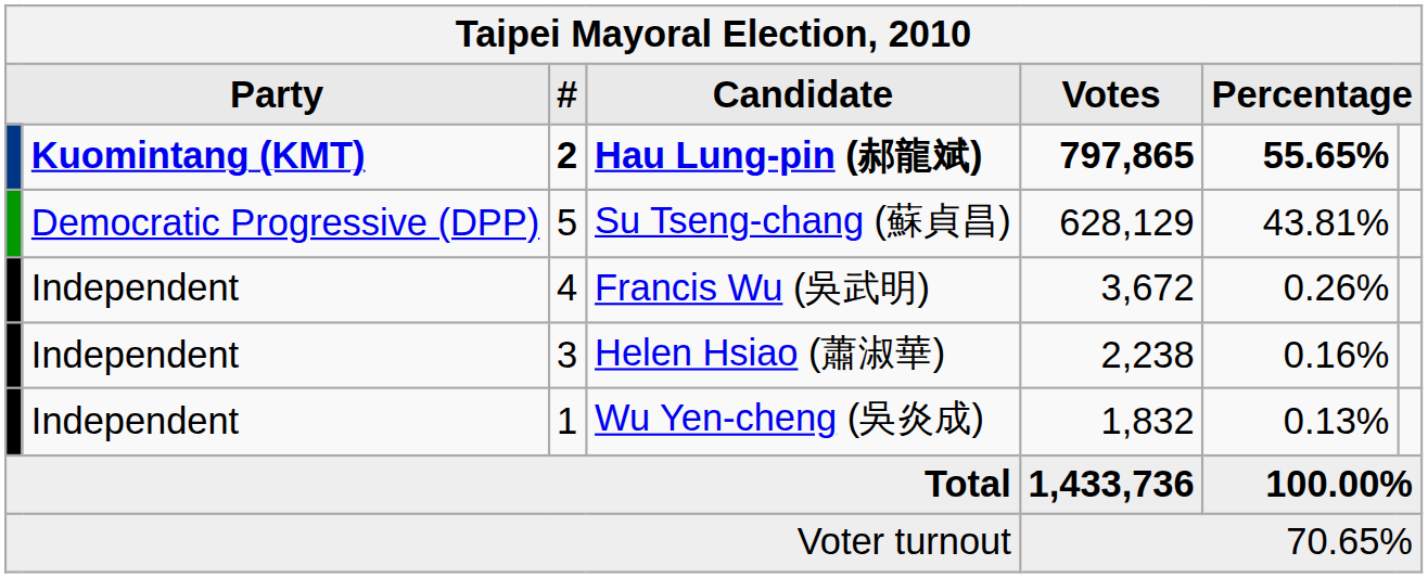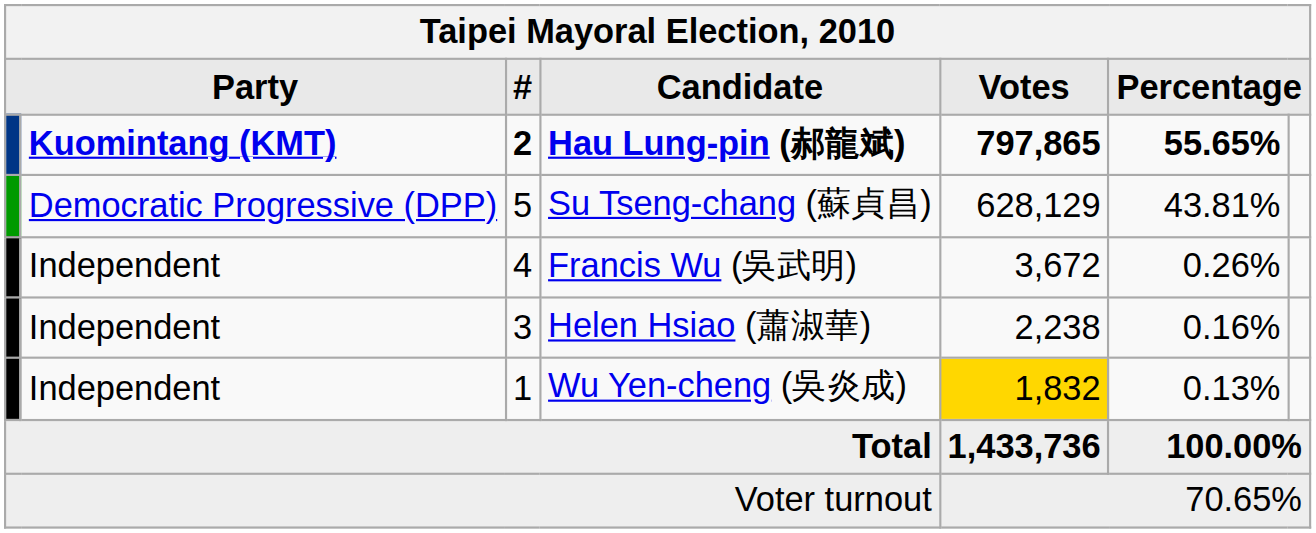 <table class="wikitable collapsible">
 <tr>
 <th colspan="7">Taipei Mayoral Election, 2010</th>
 </tr>
 <tr>
 <th style="background-color:#E9E9E9" colspan=2 style="width: 20em">Party</th>
 <th style="background-color:#E9E9E9" style="width: 2em">#</th>
 <th style="background-color:#E9E9E9" style="width: 13em">Candidate</th>
 <th style="background-color:#E9E9E9" style="width: 6em">Votes</th>
 <th style="background-color:#E9E9E9" colspan=2 style="width: 11em">Percentage</th>
 </tr>
 <tr>
 <td bgcolor="#003586"></td>
 <td align=left> <strong><a href='#'>Kuomintang (KMT)</a></strong></td>
 <td align=center><strong>2</strong></td>
 <td align=left><strong><a href='#'>Hau Lung-pin</a> (郝龍斌)</strong></td>
 <td align=right><strong>797,865</strong></td>
 <td align=right><strong>55.65%</strong></td>
 <td align=right></td>
 </tr>
 <tr>
 <td bgcolor="#009a00"></td>
 <td align=left><a href='#'>Democratic Progressive (DPP)</a></td>
 <td align=center>5</td>
 <td align=left><a href='#'>Su Tseng-chang</a> (蘇貞昌)</td>
 <td align=right>628,129</td>
 <td align=right>43.81%</td>
 <td align=right></td>
 </tr>
 <tr>
 <td bgcolor="#000000"></td>
 <td align=left> Independent</td>
 <td align=center>4</td>
 <td align=left><a href='#'>Francis Wu</a> (吳武明)</td>
 <td align=right>3,672</td>
 <td align=right>0.26%</td>
 <td align=right></td>
 </tr>
 <tr>
 <td bgcolor="#000000"></td>
 <td align=left> Independent</td>
 <td align=center>3</td>
 <td align=left><a href='#'>Helen Hsiao</a> (蕭淑華)</td>
 <td align=right>2,238</td>
 <td align=right>0.16%</td>
 <td align=right></td>
 </tr>
 <tr>
 <td bgcolor="#000000"></td>
 <td align=left> Independent</td>
 <td align=center>1</td>
 <td align=left><a href='#'>Wu Yen-cheng</a> (吳炎成)</td>
-<td align=right>1,832</td>
+<td align=right style="background: gold;">1,832</td>
 <td align=right>0.13%</td>
 <td align=right></td>
 </tr>
 <tr bgcolor="#EEEEEE">
 <td colspan="4" align=right><strong>Total</strong></td>
 <td align=right><strong>1,433,736</strong></td>
 <td align=right colspan=2><strong>100.00%</strong></td>
 </tr>
 <tr bgcolor="#EEEEEE">
 <td colspan="4" align="right">Voter turnout</td>
 <td colspan="3" align="right">70.65%</td>
 </tr>
 </table>
